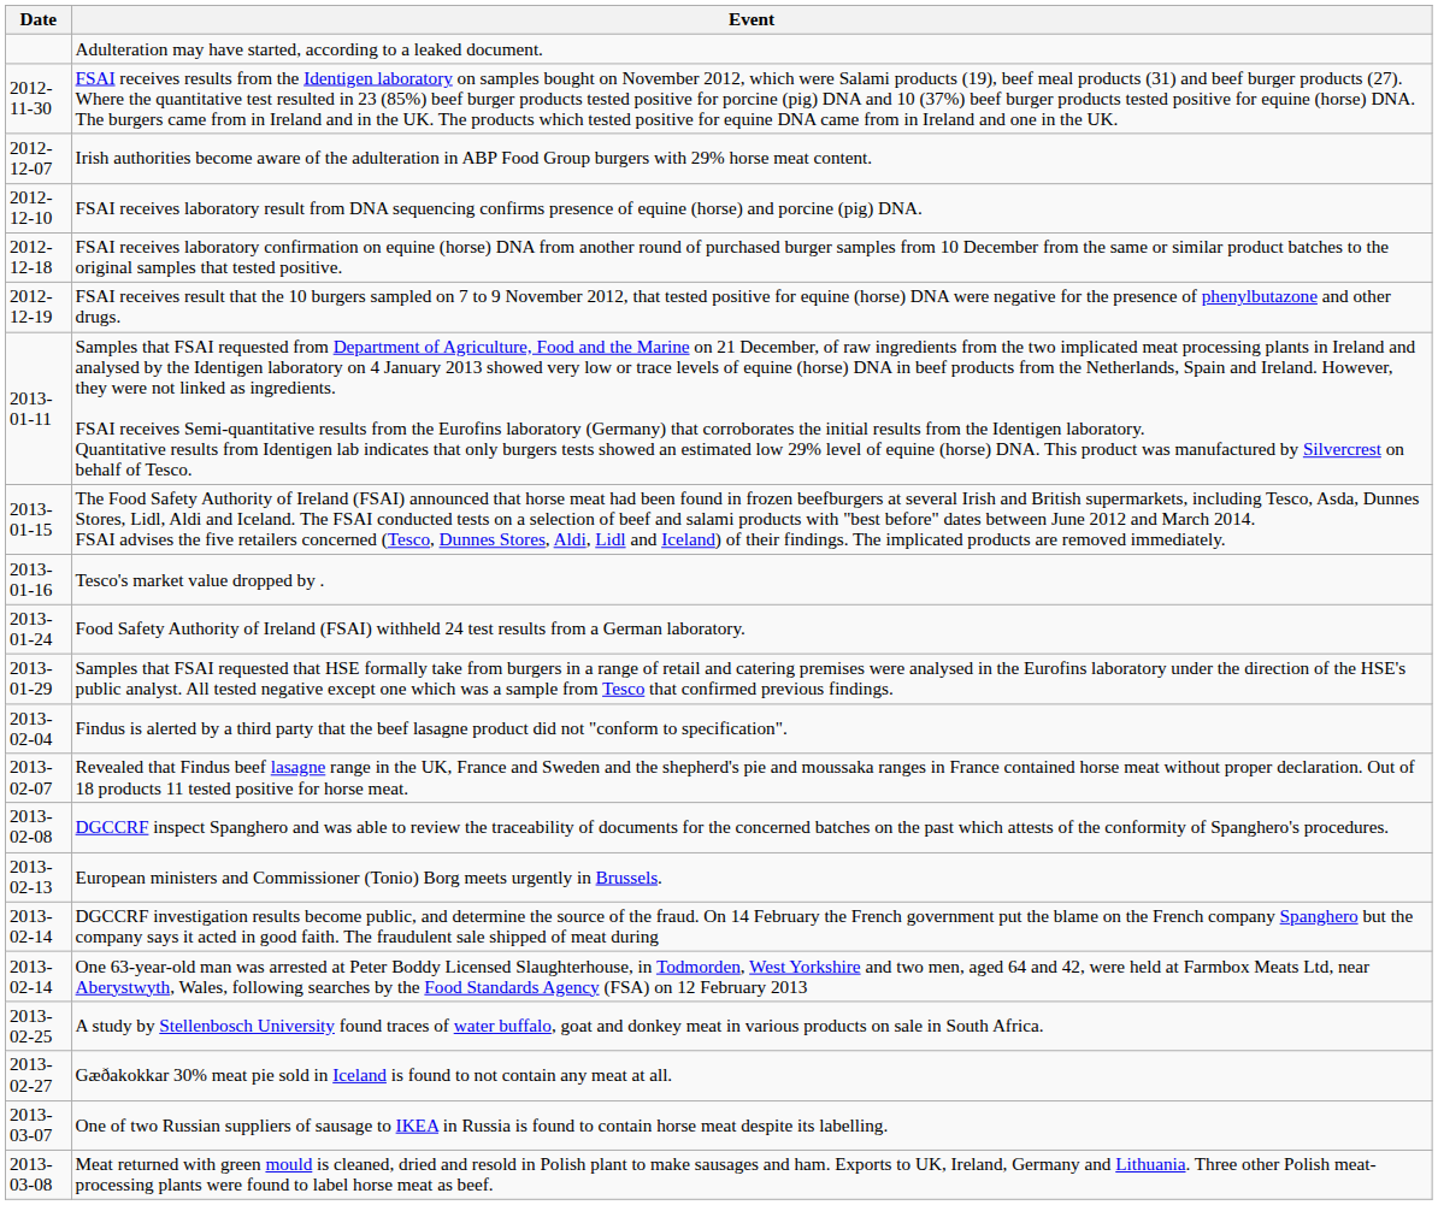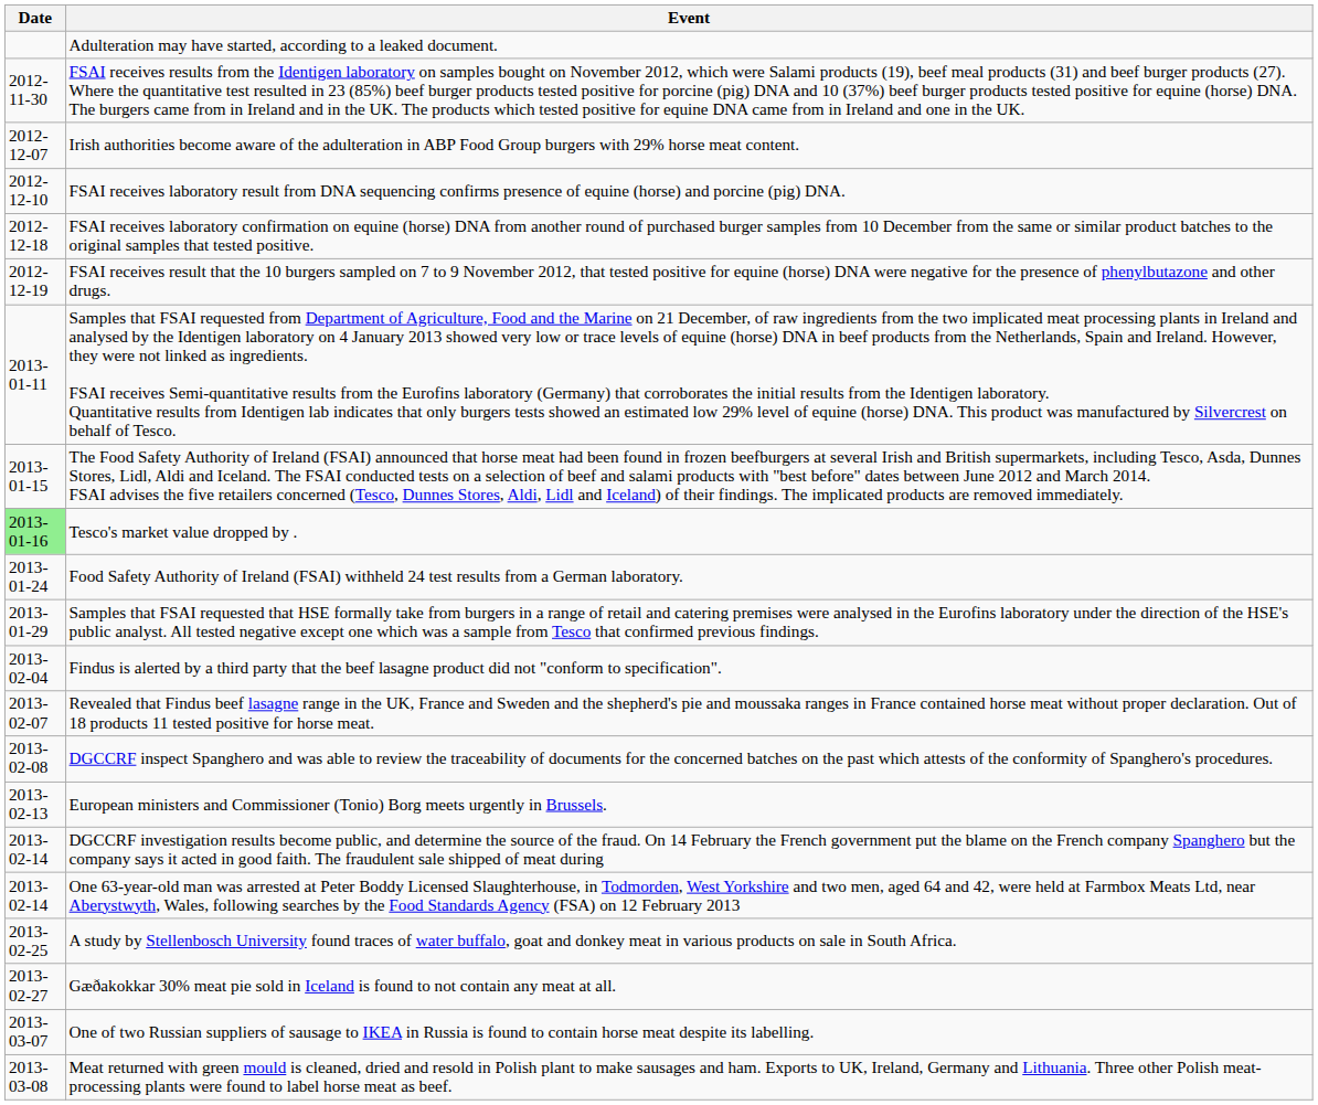 <table class=wikitable>
 <tr>
 <th>Date</th>
 <th>Event</th>
 </tr>
 <tr>
 <td></td>
 <td>Adulteration may have started, according to a leaked document.</td>
 </tr>
 <tr>
 <td>2012-11-30</td>
 <td><a href='#'>FSAI</a> receives results from the <a href='#'>Identigen laboratory</a> on samples bought on  November 2012, which were Salami products (19), beef meal products (31) and beef burger products (27). Where the quantitative test resulted in 23 (85%) beef burger products tested positive for porcine (pig) DNA and 10 (37%) beef burger products tested positive for equine (horse) DNA. The burgers came from  in Ireland and  in the UK. The products which tested positive for equine DNA came from  in Ireland and one in the UK.</td>
 </tr>
 <tr>
 <td>2012-12-07</td>
 <td>Irish authorities become aware of the adulteration in ABP Food Group burgers with 29% horse meat content.</td>
 </tr>
 <tr>
 <td>2012-12-10</td>
 <td>FSAI receives laboratory result from DNA sequencing confirms presence of equine (horse) and porcine (pig) DNA.</td>
 </tr>
 <tr>
 <td>2012-12-18</td>
 <td>FSAI receives laboratory confirmation on equine (horse) DNA from another round of purchased burger samples from 10 December from the same or similar product batches to the original samples that tested positive.</td>
 </tr>
 <tr>
 <td>2012-12-19</td>
 <td>FSAI receives result that the 10 burgers sampled on 7 to 9 November 2012, that tested positive for equine (horse) DNA were negative for the presence of <a href='#'>phenylbutazone</a> and other drugs.</td>
 </tr>
 <tr>
 <td>2013-01-11</td>
 <td>Samples that FSAI requested from <a href='#'>Department of Agriculture, Food and the Marine</a> on 21 December, of raw ingredients from the two implicated meat processing plants in Ireland and analysed by the Identigen laboratory on 4 January 2013 showed very low or trace levels of equine (horse) DNA in beef products from the Netherlands, Spain and Ireland. However, they were not linked as ingredients.<br><br>FSAI receives Semi-quantitative results from the Eurofins laboratory (Germany) that corroborates the initial results from the Identigen laboratory.<br> Quantitative results from Identigen lab indicates that only  burgers tests showed an estimated low 29% level of equine (horse) DNA. This product was manufactured by <a href='#'>Silvercrest</a> on behalf of Tesco.</td>
 </tr>
 <tr>
 <td>2013-01-15</td>
 <td>The Food Safety Authority of Ireland (FSAI) announced that horse meat had been found in frozen beefburgers at several Irish and British supermarkets, including Tesco, Asda, Dunnes Stores, Lidl, Aldi and Iceland. The FSAI conducted tests on a selection of beef and salami products with "best before" dates between June 2012 and March 2014.<br> FSAI advises the five retailers concerned (<a href='#'>Tesco</a>, <a href='#'>Dunnes Stores</a>, <a href='#'>Aldi</a>, <a href='#'>Lidl</a> and <a href='#'>Iceland</a>) of their findings. The implicated products are removed immediately.</td>
 </tr>
 <tr>
-<td>2013-01-16</td>
+<td style="background: lightgreen;">2013-01-16</td>
 <td>Tesco's market value dropped by .</td>
 </tr>
 <tr>
 <td>2013-01-24</td>
 <td>Food Safety Authority of Ireland (FSAI) withheld 24 test results from a German laboratory.</td>
 </tr>
 <tr>
 <td>2013-01-29</td>
 <td>Samples that FSAI requested that HSE formally take from burgers in a range of retail and catering premises were analysed in the Eurofins laboratory under the direction of the HSE's public analyst. All tested negative except one which was a sample from <a href='#'>Tesco</a> that confirmed previous findings.</td>
 </tr>
 <tr>
 <td>2013-02-04</td>
 <td>Findus is alerted by a third party that the beef lasagne product did not "conform to specification".</td>
 </tr>
 <tr>
 <td>2013-02-07</td>
 <td>Revealed that Findus beef <a href='#'>lasagne</a> range in the UK, France and Sweden and the shepherd's pie and moussaka ranges in France contained horse meat without proper declaration. Out of 18 products 11 tested positive for horse meat.</td>
 </tr>
 <tr>
 <td>2013-02-08</td>
 <td><a href='#'>DGCCRF</a> inspect Spanghero and was able to review the traceability of documents for the concerned batches on the past  which attests of the conformity of Spanghero's procedures.</td>
 </tr>
 <tr>
 <td>2013-02-13</td>
 <td>European ministers and Commissioner (Tonio) Borg meets urgently in <a href='#'>Brussels</a>.</td>
 </tr>
 <tr>
 <td>2013-02-14</td>
 <td>DGCCRF investigation results become public, and determine the source of the fraud. On 14 February the French government put the blame on the French company <a href='#'>Spanghero</a> but the company says it acted in good faith. The fraudulent sale shipped  of meat during </td>
 </tr>
 <tr>
 <td>2013-02-14</td>
 <td>One 63-year-old man was arrested at Peter Boddy Licensed Slaughterhouse, in <a href='#'>Todmorden</a>, <a href='#'>West Yorkshire</a> and two men, aged 64 and 42, were held at Farmbox Meats Ltd, near <a href='#'>Aberystwyth</a>, Wales, following searches by the <a href='#'>Food Standards Agency</a> (FSA) on 12 February 2013</td>
 </tr>
 <tr>
 <td>2013-02-25</td>
 <td>A study by <a href='#'>Stellenbosch University</a> found traces of <a href='#'>water buffalo</a>, goat and donkey meat in various products on sale in South Africa.</td>
 </tr>
 <tr>
 <td>2013-02-27</td>
 <td>Gæðakokkar 30% meat pie sold in <a href='#'>Iceland</a> is found to not contain any meat at all.</td>
 </tr>
 <tr>
 <td>2013-03-07</td>
 <td>One of two Russian suppliers of sausage to <a href='#'>IKEA</a> in Russia is found to contain horse meat despite its labelling.</td>
 </tr>
 <tr>
 <td>2013-03-08</td>
 <td>Meat returned with green <a href='#'>mould</a> is cleaned, dried and resold in Polish plant to make sausages and ham. Exports to UK, Ireland, Germany and <a href='#'>Lithuania</a>. Three other Polish meat-processing plants were found to label horse meat as beef.</td>
 </tr>
 </table>
